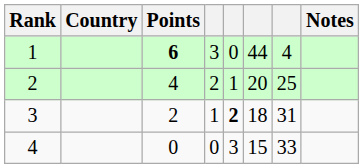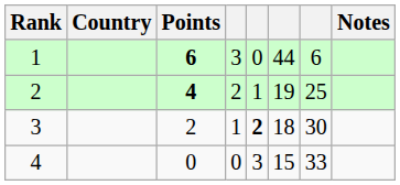 <table class="wikitable sortable" style="text-align: center;">
 <tr>
 <th>Rank</th>
 <th>Country</th>
 <th>Points</th>
 <th></th>
 <th></th>
 <th></th>
 <th></th>
 <th>Notes</th>
 </tr>
 <tr style="background:#cfc;">
 <td>1</td>
 <td align=left></td>
 <td><strong>6</strong></td>
 <td>3</td>
 <td>0</td>
 <td>44</td>
-<td>4</td>
+<td>6</td>
 <td></td>
 </tr>
 <tr style="background:#cfc;">
 <td>2</td>
 <td align=left></td>
-<td>4</td>
+<td><strong>4</strong></td>
 <td>2</td>
 <td>1</td>
-<td>20</td>
+<td>19</td>
 <td>25</td>
 <td></td>
 </tr>
 <tr>
 <td>3</td>
 <td align=left></td>
 <td>2</td>
 <td>1</td>
 <td><strong>2</strong></td>
 <td>18</td>
-<td>31</td>
+<td>30</td>
 <td></td>
 </tr>
 <tr>
 <td>4</td>
 <td align=left></td>
 <td>0</td>
 <td>0</td>
 <td>3</td>
 <td>15</td>
 <td>33</td>
 <td></td>
 </tr>
 </table>
